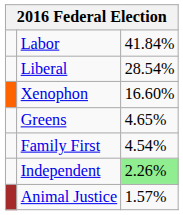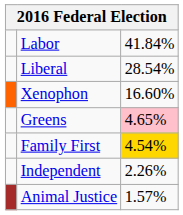 <table class="wikitable" style="float:right; margin-left:0.5em">
 <tr>
 <th colspan="3">2016 Federal Election</th>
 </tr>
 <tr>
 <td> </td>
 <td><a href='#'>Labor</a></td>
 <td>41.84%</td>
 </tr>
 <tr>
 <td> </td>
 <td><a href='#'>Liberal</a></td>
 <td>28.54%</td>
 </tr>
 <tr>
 <td style="background-color:#ff6300"> </td>
 <td><a href='#'>Xenophon</a></td>
 <td>16.60%</td>
 </tr>
 <tr>
 <td> </td>
 <td><a href='#'>Greens</a></td>
-<td>4.65%</td>
+<td style="background: pink;">4.65%</td>
 </tr>
 <tr>
 <td> </td>
 <td><a href='#'>Family First</a></td>
-<td>4.54%</td>
+<td style="background: gold;">4.54%</td>
 </tr>
 <tr>
 <td> </td>
 <td><a href='#'>Independent</a></td>
-<td style="background: lightgreen;">2.26%</td>
+<td>2.26%</td>
 </tr>
 <tr>
 <td style="background-color:#a52a2a"> </td>
 <td><a href='#'>Animal Justice</a></td>
 <td>1.57%</td>
 </tr>
 </table>
